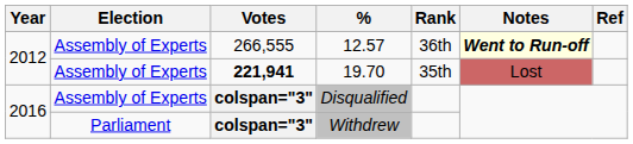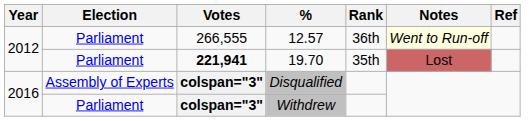 <table class="wikitable" style="text-align:center;">
 <tr>
 <th>Year</th>
 <th>Election</th>
 <th>Votes</th>
 <th>%</th>
 <th>Rank</th>
 <th>Notes</th>
 <th>Ref</th>
 </tr>
 <tr>
 <td rowspan="2">2012</td>
-<td><a href='#'>Assembly of Experts</a> </td>
+<td><a href='#'>Parliament</a> </td>
 <td>266,555</td>
 <td>12.57</td>
 <td>36th</td>
-<td style="background-color:#FFFFE0"><strong><em>Went to Run-off</em></strong></td>
+<td style="background-color:#FFFFE0"><em>Went to Run-off</em></td>
 <td></td>
 </tr>
 <tr>
-<td><a href='#'>Assembly of Experts</a> </td>
+<td><a href='#'>Parliament</a> </td>
 <td><strong> 221,941</strong></td>
 <td> 19.70</td>
 <td>35th</td>
 <td style="background-color:#C66">Lost</td>
 <td></td>
 </tr>
 <tr>
 <td rowspan="2">2016</td>
 <td><a href='#'>Assembly of Experts</a> </td>
 <th>colspan="3" </th>
 <td style="background-color:#C0C0C0"><em>Disqualified</em></td>
 <td></td>
 </tr>
 <tr>
 <td><a href='#'>Parliament</a> </td>
 <th>colspan="3" </th>
 <td style="background-color:#C0C0C0"><em>Withdrew</em></td>
 <td></td>
 </tr>
 </table>
